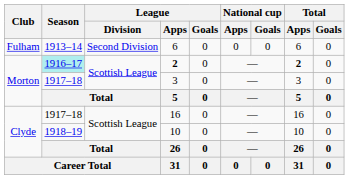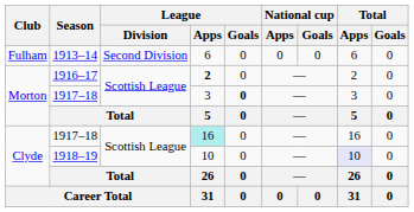 <table class="wikitable" style="text-align: center;">
 <tr>
 <th rowspan="2">Club</th>
 <th rowspan="2">Season</th>
 <th colspan="3">League</th>
 <th colspan="2">National cup</th>
 <th colspan="2">Total</th>
 </tr>
 <tr>
 <th>Division</th>
 <th>Apps</th>
 <th>Goals</th>
 <th>Apps</th>
 <th>Goals</th>
 <th>Apps</th>
 <th>Goals</th>
 </tr>
 <tr>
 <td><a href='#'>Fulham</a></td>
 <td><a href='#'>1913–14</a></td>
 <td><a href='#'>Second Division</a></td>
 <td>6</td>
 <td>0</td>
 <td>0</td>
 <td>0</td>
 <td>6</td>
 <td>0</td>
 </tr>
 <tr>
 <td rowspan="3"><a href='#'>Morton</a></td>
-<td style="background: paleturquoise;"><a href='#'>1916–17</a></td>
+<td><a href='#'>1916–17</a></td>
 <td rowspan="2"><a href='#'>Scottish League</a></td>
 <td><strong>2</strong></td>
 <td>0</td>
 <td colspan="2">—</td>
-<td><strong>2</strong></td>
+<td>2</td>
 <td>0</td>
 </tr>
 <tr>
 <td><a href='#'>1917–18</a></td>
 <td>3</td>
-<td>0</td>
+<td><strong>0</strong></td>
 <td colspan="2">—</td>
 <td>3</td>
 <td>0</td>
 </tr>
 <tr>
 <th colspan="2">Total</th>
 <th>5</th>
 <th>0</th>
 <th colspan="2">—</th>
 <th>5</th>
 <th>0</th>
 </tr>
 <tr>
 <td rowspan="3"><a href='#'>Clyde</a></td>
 <td>1917–18</td>
 <td rowspan="2">Scottish League</td>
-<td>16</td>
+<td style="background: paleturquoise;">16</td>
 <td>0</td>
 <td colspan="2">—</td>
 <td>16</td>
 <td>0</td>
 </tr>
 <tr>
 <td><a href='#'>1918–19</a></td>
 <td>10</td>
 <td>0</td>
 <td colspan="2">—</td>
-<td>10</td>
+<td style="background: lavender;">10</td>
 <td>0</td>
 </tr>
 <tr>
 <th colspan="2">Total</th>
 <th>26</th>
 <th>0</th>
 <th colspan="2">—</th>
 <th>26</th>
 <th>0</th>
 </tr>
 <tr>
 <th colspan="3">Career Total</th>
 <th>31</th>
 <th>0</th>
 <th>0</th>
 <th>0</th>
 <th>31</th>
 <th>0</th>
 </tr>
 </table>
